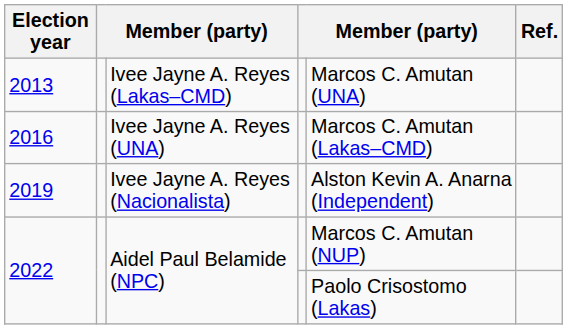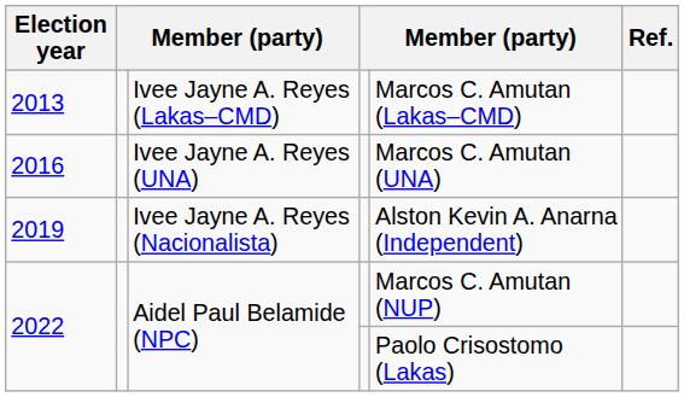 <table class="wikitable" style="font-size:90%">
 <tr>
 <th width="60px">Election<br>year</th>
 <th colspan="2" width="140px">Member (party)</th>
 <th colspan="2" width="140px">Member (party)</th>
 <th>Ref.</th>
 </tr>
 <tr>
 <td><a href='#'>2013</a></td>
 <td></td>
 <td>Ivee Jayne A. Reyes<br>(<a href='#'>Lakas–CMD</a>)</td>
 <td></td>
-<td>Marcos C. Amutan<br>(<a href='#'>UNA</a>)</td>
+<td>Marcos C. Amutan<br>(<a href='#'>Lakas–CMD</a>)</td>
 <td></td>
 </tr>
 <tr>
 <td><a href='#'>2016</a></td>
 <td></td>
 <td>Ivee Jayne A. Reyes<br>(<a href='#'>UNA</a>)</td>
 <td></td>
-<td>Marcos C. Amutan<br>(<a href='#'>Lakas–CMD</a>)</td>
+<td>Marcos C. Amutan<br>(<a href='#'>UNA</a>)</td>
 <td></td>
 </tr>
 <tr>
 <td><a href='#'>2019</a></td>
 <td></td>
 <td>Ivee Jayne A. Reyes<br>(<a href='#'>Nacionalista</a>)</td>
 <td></td>
 <td>Alston Kevin A. Anarna<br>(<a href='#'>Independent</a>)</td>
 <td></td>
 </tr>
 <tr>
 <td rowspan=2><a href='#'>2022</a></td>
 <td rowspan=2></td>
 <td rowspan=2>Aidel Paul Belamide<br>(<a href='#'>NPC</a>)</td>
 <td></td>
 <td>Marcos C. Amutan<br>(<a href='#'>NUP</a>)</td>
 <td></td>
 </tr>
 <tr>
 <td></td>
 <td>Paolo Crisostomo<br>(<a href='#'>Lakas</a>)</td>
 <td></td>
 </tr>
 </table>
